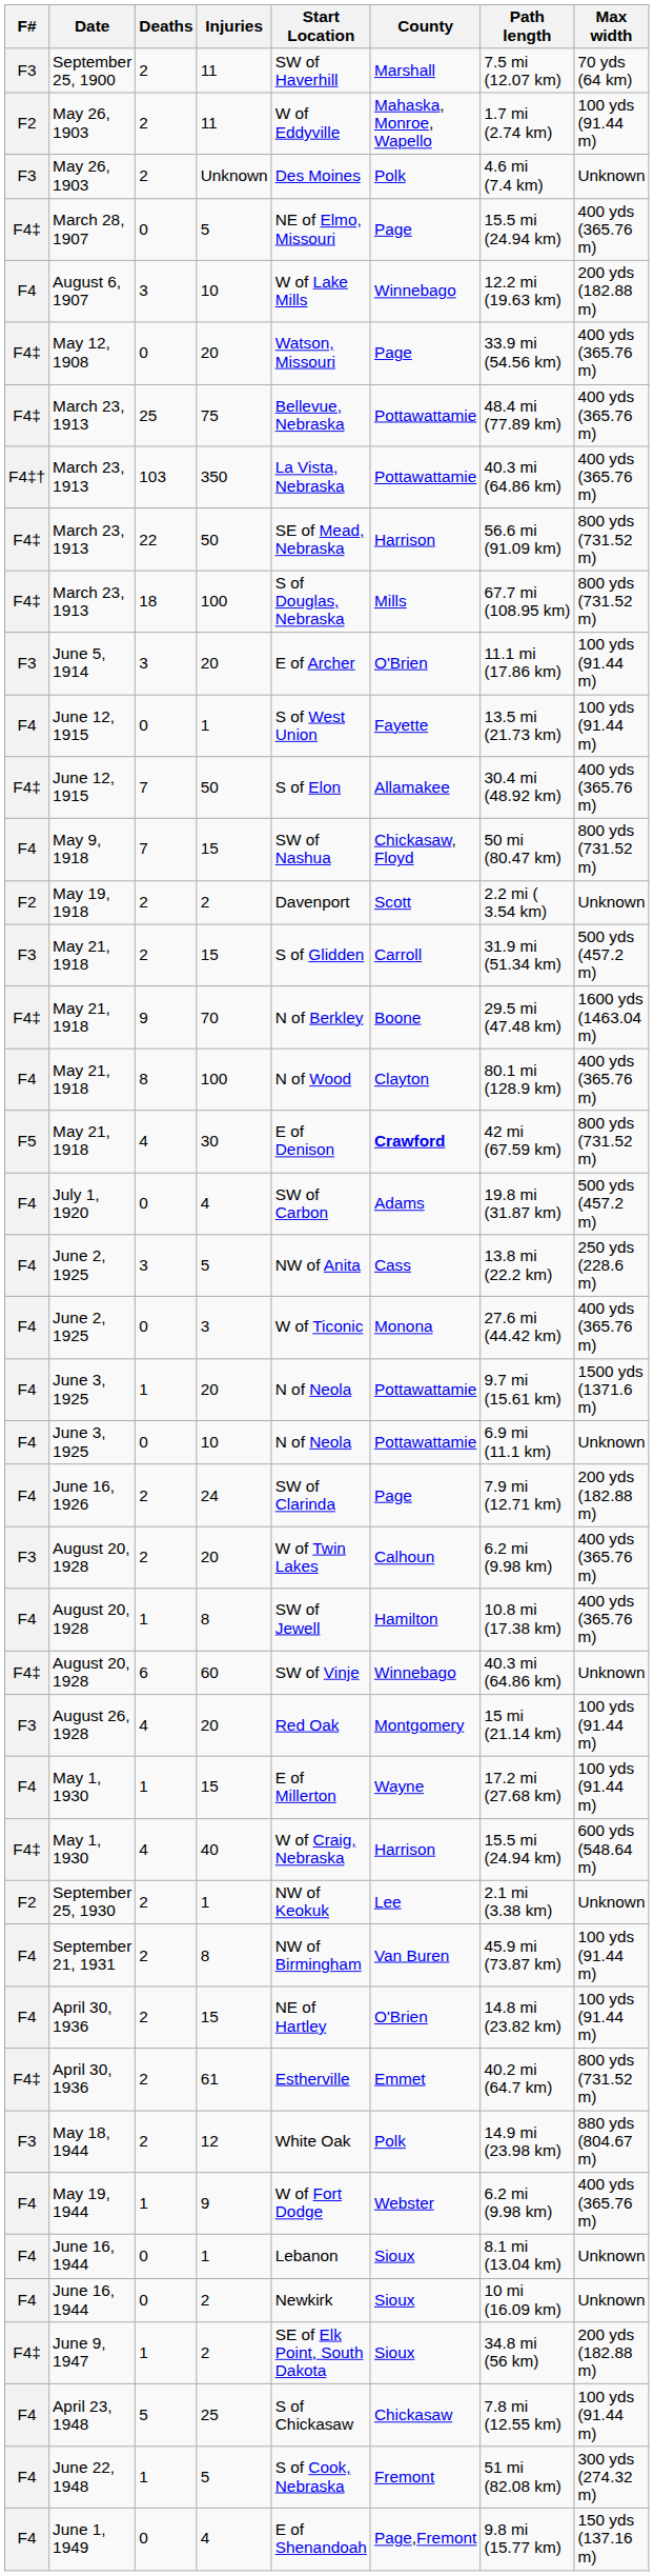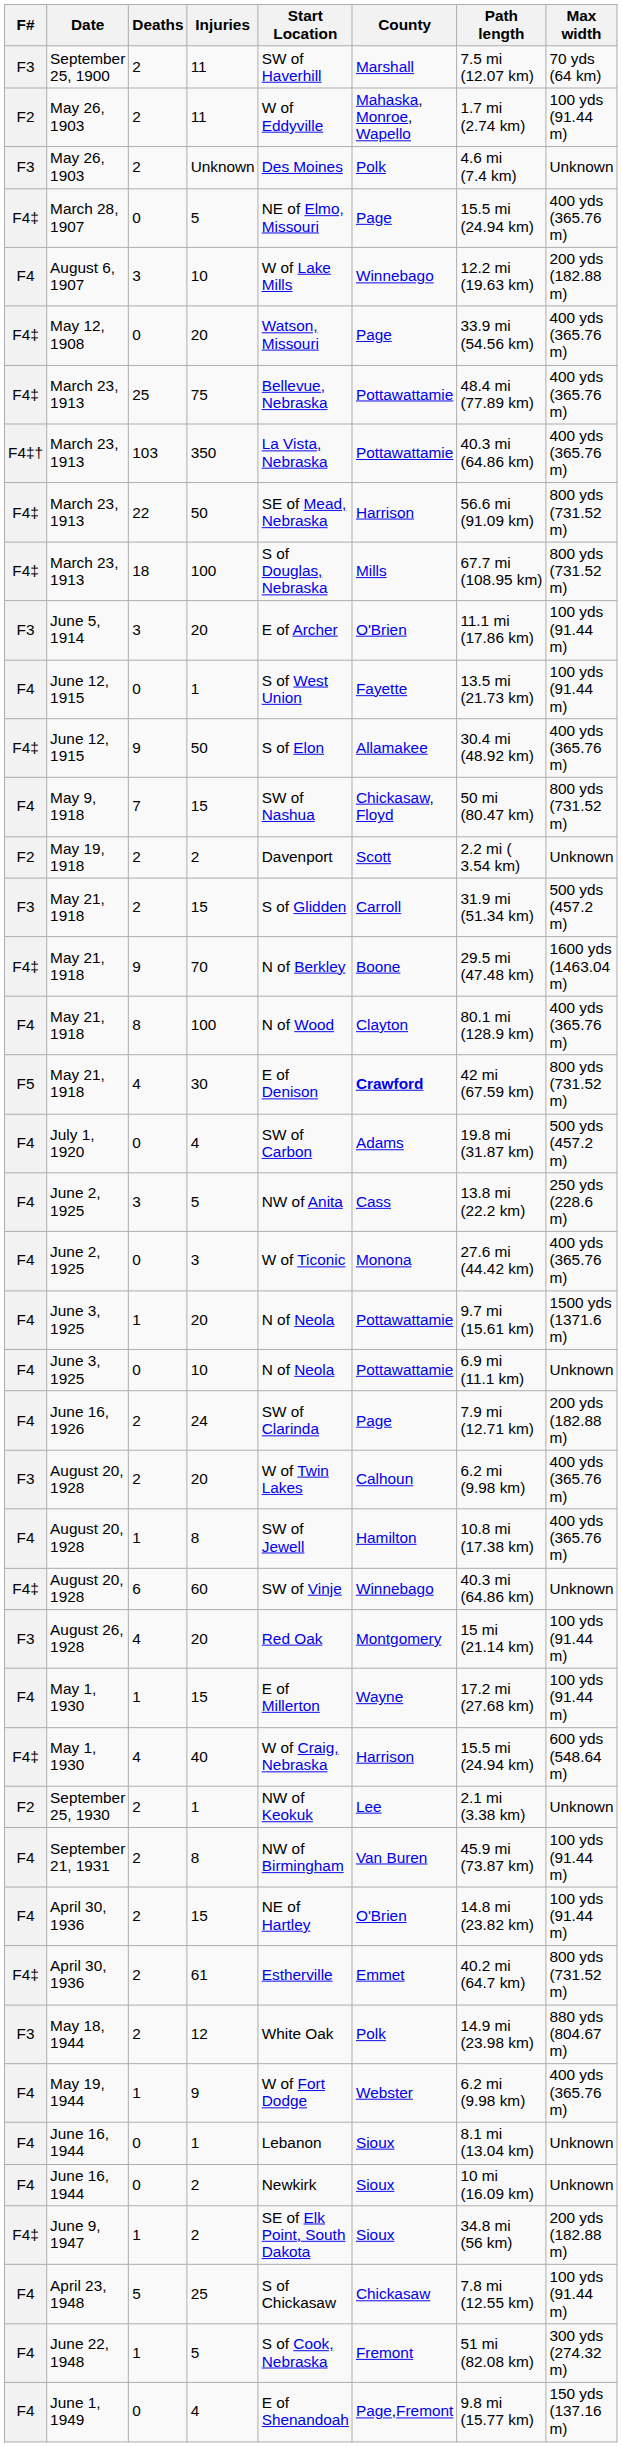 <table class="wikitable sortable">
 <tr>
 <th scope="col">F#</th>
 <th scope="col">Date</th>
 <th scope="col">Deaths</th>
 <th scope="col">Injuries</th>
 <th scope="col">Start Location</th>
 <th scope="col">County</th>
 <th scope="col">Path length</th>
 <th scope="col">Max width</th>
 </tr>
 <tr>
 <th scope="row" rowspan="1" style="font-weight:normal; background-color:#">F3</th>
 <td>September 25, 1900</td>
 <td>2</td>
 <td>11</td>
 <td>SW of <a href='#'>Haverhill</a></td>
 <td><a href='#'>Marshall</a></td>
 <td>7.5 mi (12.07 km)</td>
 <td>70 yds (64 km)</td>
 </tr>
 <tr>
 <th scope="row" rowspan="1" style="font-weight:normal; background-color:#">F2</th>
 <td>May 26, 1903</td>
 <td>2</td>
 <td>11</td>
 <td>W of <a href='#'>Eddyville</a></td>
 <td><a href='#'>Mahaska</a>, <a href='#'>Monroe</a>, <a href='#'>Wapello</a></td>
 <td>1.7 mi (2.74 km)</td>
 <td>100 yds (91.44 m)</td>
 </tr>
 <tr>
 <th scope="row" rowspan="1" style="font-weight:normal; background-color:#">F3</th>
 <td>May 26, 1903</td>
 <td>2</td>
 <td>Unknown</td>
 <td><a href='#'>Des Moines</a></td>
 <td><a href='#'>Polk</a></td>
 <td>4.6 mi (7.4 km)</td>
 <td>Unknown</td>
 </tr>
 <tr>
 <th scope="row" rowspan="1" style="font-weight:normal; background-color:#">F4‡</th>
 <td>March 28, 1907</td>
 <td>0</td>
 <td>5</td>
 <td>NE of <a href='#'>Elmo, Missouri</a></td>
 <td><a href='#'>Page</a></td>
 <td>15.5 mi (24.94 km)</td>
 <td>400 yds (365.76 m)</td>
 </tr>
 <tr>
 <th scope="row" rowspan="1" style="font-weight:normal; background-color:#">F4</th>
 <td>August 6, 1907</td>
 <td>3</td>
 <td>10</td>
 <td>W of <a href='#'>Lake Mills</a></td>
 <td><a href='#'>Winnebago</a></td>
 <td>12.2 mi (19.63 km)</td>
 <td>200 yds (182.88 m)</td>
 </tr>
 <tr>
 <th scope="row" rowspan="1" style="font-weight:normal; background-color:#">F4‡</th>
 <td>May 12, 1908</td>
 <td>0</td>
 <td>20</td>
 <td><a href='#'>Watson, Missouri</a></td>
 <td><a href='#'>Page</a></td>
 <td>33.9 mi (54.56 km)</td>
 <td>400 yds (365.76 m)</td>
 </tr>
 <tr>
 <th scope="row" rowspan="1" style="font-weight:normal; background-color:#">F4‡</th>
 <td>March 23, 1913</td>
 <td>25</td>
 <td>75</td>
 <td><a href='#'>Bellevue, Nebraska</a></td>
 <td><a href='#'>Pottawattamie</a></td>
 <td>48.4 mi (77.89 km)</td>
 <td>400 yds (365.76 m)</td>
 </tr>
 <tr>
 <th scope="row" rowspan="1" style="font-weight:normal; background-color:#">F4‡†</th>
 <td>March 23, 1913</td>
 <td>103</td>
 <td>350</td>
 <td><a href='#'>La Vista, Nebraska</a></td>
 <td><a href='#'>Pottawattamie</a></td>
 <td>40.3 mi (64.86 km)</td>
 <td>400 yds (365.76 m)</td>
 </tr>
 <tr>
 <th scope="row" rowspan="1" style="font-weight:normal; background-color:#">F4‡</th>
 <td>March 23, 1913</td>
 <td>22</td>
 <td>50</td>
 <td>SE of <a href='#'>Mead, Nebraska</a></td>
 <td><a href='#'>Harrison</a></td>
 <td>56.6 mi (91.09 km)</td>
 <td>800 yds (731.52 m)</td>
 </tr>
 <tr>
 <th scope="row" rowspan="1" style="font-weight:normal; background-color:#">F4‡</th>
 <td>March 23, 1913</td>
 <td>18</td>
 <td>100</td>
 <td>S of <a href='#'>Douglas, Nebraska</a></td>
 <td><a href='#'>Mills</a></td>
 <td>67.7 mi (108.95 km)</td>
 <td>800 yds (731.52 m)</td>
 </tr>
 <tr>
 <th scope="row" rowspan="1" style="font-weight:normal; background-color:#">F3</th>
 <td>June 5, 1914</td>
 <td>3</td>
 <td>20</td>
 <td>E of <a href='#'>Archer</a></td>
 <td><a href='#'> O'Brien</a></td>
 <td>11.1 mi (17.86 km)</td>
 <td>100 yds (91.44 m)</td>
 </tr>
 <tr>
 <th scope="row" rowspan="1" style="font-weight:normal; background-color:#">F4</th>
 <td>June 12, 1915</td>
 <td>0</td>
 <td>1</td>
 <td>S of <a href='#'>West Union</a></td>
 <td><a href='#'>Fayette</a></td>
 <td>13.5 mi (21.73 km)</td>
 <td>100 yds (91.44 m)</td>
 </tr>
 <tr>
 <th scope="row" rowspan="1" style="font-weight:normal; background-color:#">F4‡</th>
 <td>June 12, 1915</td>
-<td>7</td>
+<td>9</td>
 <td>50</td>
 <td>S of <a href='#'>Elon</a></td>
 <td><a href='#'>Allamakee</a></td>
 <td>30.4 mi (48.92 km)</td>
 <td>400 yds (365.76 m)</td>
 </tr>
 <tr>
 <th scope="row" rowspan="1" style="font-weight:normal; background-color:#">F4</th>
 <td>May 9, 1918</td>
 <td>7</td>
 <td>15</td>
 <td>SW of <a href='#'>Nashua</a></td>
 <td><a href='#'>Chickasaw</a>, <a href='#'>Floyd</a></td>
 <td>50 mi (80.47 km)</td>
 <td>800 yds (731.52 m)</td>
 </tr>
 <tr>
 <th scope="row" rowspan="1" style="font-weight:normal; background-color:#">F2</th>
 <td>May 19, 1918</td>
 <td>2</td>
 <td>2</td>
 <td>Davenport</td>
 <td><a href='#'>Scott</a></td>
 <td>2.2 mi ( 3.54 km)</td>
 <td>Unknown</td>
 </tr>
 <tr>
 <th scope="row" rowspan="1" style="font-weight:normal; background-color:#">F3</th>
 <td>May 21, 1918</td>
 <td>2</td>
 <td>15</td>
 <td>S of <a href='#'>Glidden</a></td>
 <td><a href='#'>Carroll</a></td>
 <td>31.9 mi (51.34 km)</td>
 <td>500 yds (457.2 m)</td>
 </tr>
 <tr>
 <th scope="row" rowspan="1" style="font-weight:normal; background-color:#">F4‡</th>
 <td>May 21, 1918</td>
 <td>9</td>
 <td>70</td>
 <td>N of <a href='#'>Berkley</a></td>
 <td><a href='#'>Boone</a></td>
 <td>29.5 mi (47.48 km)</td>
 <td>1600 yds (1463.04 m)</td>
 </tr>
 <tr>
 <th scope="row" rowspan="1" style="font-weight:normal; background-color:#">F4</th>
 <td>May 21, 1918</td>
 <td>8</td>
 <td>100</td>
 <td>N of <a href='#'>Wood</a></td>
 <td><a href='#'>Clayton</a></td>
 <td>80.1 mi (128.9 km)</td>
 <td>400 yds (365.76 m)</td>
 </tr>
 <tr>
 <th scope="row" rowspan="1" style="font-weight:normal; background-color:#">F5</th>
 <td>May 21, 1918</td>
 <td>4</td>
 <td>30</td>
 <td>E of <a href='#'>Denison</a></td>
 <td><strong><a href='#'>Crawford</a></strong></td>
 <td>42 mi (67.59 km)</td>
 <td>800 yds (731.52 m)</td>
 </tr>
 <tr>
 <th scope="row" rowspan="1" style="font-weight:normal; background-color:#">F4</th>
 <td>July 1, 1920</td>
 <td>0</td>
 <td>4</td>
 <td>SW of <a href='#'>Carbon</a></td>
 <td><a href='#'>Adams</a></td>
 <td>19.8 mi (31.87 km)</td>
 <td>500 yds (457.2 m)</td>
 </tr>
 <tr>
 <th scope="row" rowspan="1" style="font-weight:normal; background-color:#">F4</th>
 <td>June 2, 1925</td>
 <td>3</td>
 <td>5</td>
 <td>NW of <a href='#'>Anita</a></td>
 <td><a href='#'>Cass</a></td>
 <td>13.8 mi (22.2 km)</td>
 <td>250 yds (228.6 m)</td>
 </tr>
 <tr>
 <th scope="row" rowspan="1" style="font-weight:normal; background-color:#">F4</th>
 <td>June 2, 1925</td>
 <td>0</td>
 <td>3</td>
 <td>W of <a href='#'>Ticonic</a></td>
 <td><a href='#'>Monona</a></td>
 <td>27.6 mi (44.42 km)</td>
 <td>400 yds (365.76 m)</td>
 </tr>
 <tr>
 <th scope="row" rowspan="1" style="font-weight:normal; background-color:#">F4</th>
 <td>June 3, 1925</td>
 <td>1</td>
 <td>20</td>
 <td>N of <a href='#'>Neola</a></td>
 <td><a href='#'>Pottawattamie</a></td>
 <td>9.7 mi (15.61 km)</td>
 <td>1500 yds (1371.6 m)</td>
 </tr>
 <tr>
 <th scope="row" rowspan="1" style="font-weight:normal; background-color:#">F4</th>
 <td>June 3, 1925</td>
 <td>0</td>
 <td>10</td>
 <td>N of <a href='#'>Neola</a></td>
 <td><a href='#'>Pottawattamie</a></td>
 <td>6.9 mi (11.1 km)</td>
 <td>Unknown</td>
 </tr>
 <tr>
 <th scope="row" rowspan="1" style="font-weight:normal; background-color:#">F4</th>
 <td>June 16, 1926</td>
 <td>2</td>
 <td>24</td>
 <td>SW of <a href='#'>Clarinda</a></td>
 <td><a href='#'>Page</a></td>
 <td>7.9 mi (12.71 km)</td>
 <td>200 yds (182.88 m)</td>
 </tr>
 <tr>
 <th scope="row" rowspan="1" style="font-weight:normal; background-color:#">F3</th>
 <td>August 20, 1928</td>
 <td>2</td>
 <td>20</td>
 <td>W of <a href='#'>Twin Lakes</a></td>
 <td><a href='#'>Calhoun</a></td>
 <td>6.2 mi (9.98 km)</td>
 <td>400 yds (365.76 m)</td>
 </tr>
 <tr>
 <th scope="row" rowspan="1" style="font-weight:normal; background-color:#">F4</th>
 <td>August 20, 1928</td>
 <td>1</td>
 <td>8</td>
 <td>SW of <a href='#'>Jewell</a></td>
 <td><a href='#'>Hamilton</a></td>
 <td>10.8 mi (17.38 km)</td>
 <td>400 yds (365.76 m)</td>
 </tr>
 <tr>
 <th scope="row" rowspan="1" style="font-weight:normal; background-color:#">F4‡</th>
 <td>August 20, 1928</td>
 <td>6</td>
 <td>60</td>
 <td>SW of <a href='#'>Vinje</a></td>
 <td><a href='#'>Winnebago</a></td>
 <td>40.3 mi (64.86 km)</td>
 <td>Unknown</td>
 </tr>
 <tr>
 <th scope="row" rowspan="1" style="font-weight:normal; background-color:#">F3</th>
 <td>August 26, 1928</td>
 <td>4</td>
 <td>20</td>
 <td><a href='#'>Red Oak</a></td>
 <td><a href='#'>Montgomery</a></td>
 <td>15 mi (21.14 km)</td>
 <td>100 yds (91.44 m)</td>
 </tr>
 <tr>
 <th scope="row" rowspan="1" style="font-weight:normal; background-color:#">F4</th>
 <td>May 1, 1930</td>
 <td>1</td>
 <td>15</td>
 <td>E of <a href='#'>Millerton</a></td>
 <td><a href='#'>Wayne</a></td>
 <td>17.2 mi (27.68 km)</td>
 <td>100 yds (91.44 m)</td>
 </tr>
 <tr>
 <th scope="row" rowspan="1" style="font-weight:normal; background-color:#">F4‡</th>
 <td>May 1, 1930</td>
 <td>4</td>
 <td>40</td>
 <td>W of <a href='#'>Craig, Nebraska</a></td>
 <td><a href='#'>Harrison</a></td>
 <td>15.5 mi (24.94 km)</td>
 <td>600 yds (548.64 m)</td>
 </tr>
 <tr>
 <th scope="row" rowspan="1" style="font-weight:normal; background-color:#">F2</th>
 <td>September 25, 1930</td>
 <td>2</td>
 <td>1</td>
 <td>NW of <a href='#'>Keokuk</a></td>
 <td><a href='#'>Lee</a></td>
 <td>2.1 mi (3.38 km)</td>
 <td>Unknown</td>
 </tr>
 <tr>
 <th scope="row" rowspan="1" style="font-weight:normal; background-color:#">F4</th>
 <td>September 21, 1931</td>
 <td>2</td>
 <td>8</td>
 <td>NW of <a href='#'>Birmingham</a></td>
 <td><a href='#'>Van Buren</a></td>
 <td>45.9 mi (73.87 km)</td>
 <td>100 yds (91.44 m)</td>
 </tr>
 <tr>
 <th scope="row" rowspan="1" style="font-weight:normal; background-color:#">F4</th>
 <td>April 30, 1936</td>
 <td>2</td>
 <td>15</td>
 <td>NE of <a href='#'>Hartley</a></td>
 <td><a href='#'>O'Brien</a></td>
 <td>14.8 mi (23.82 km)</td>
 <td>100 yds (91.44 m)</td>
 </tr>
 <tr>
 <th scope="row" rowspan="1" style="font-weight:normal; background-color:#">F4‡</th>
 <td>April 30, 1936</td>
 <td>2</td>
 <td>61</td>
 <td><a href='#'>Estherville</a></td>
 <td><a href='#'>Emmet</a></td>
 <td>40.2 mi (64.7 km)</td>
 <td>800 yds (731.52 m)</td>
 </tr>
 <tr>
 <th scope="row" rowspan="1" style="font-weight:normal; background-color:#">F3</th>
 <td>May 18, 1944</td>
 <td>2</td>
 <td>12</td>
 <td>White Oak</td>
 <td><a href='#'>Polk</a></td>
 <td>14.9 mi (23.98 km)</td>
 <td>880 yds (804.67 m)</td>
 </tr>
 <tr>
 <th scope="row" rowspan="1" style="font-weight:normal; background-color:#">F4</th>
 <td>May 19, 1944</td>
 <td>1</td>
 <td>9</td>
 <td>W of <a href='#'>Fort Dodge</a></td>
 <td><a href='#'>Webster</a></td>
 <td>6.2 mi (9.98 km)</td>
 <td>400 yds (365.76 m)</td>
 </tr>
 <tr>
 <th scope="row" rowspan="1" style="font-weight:normal; background-color:#">F4</th>
 <td>June 16, 1944</td>
 <td>0</td>
 <td>1</td>
 <td>Lebanon</td>
 <td><a href='#'>Sioux</a></td>
 <td>8.1 mi (13.04 km)</td>
 <td>Unknown</td>
 </tr>
 <tr>
 <th scope="row" rowspan="1" style="font-weight:normal; background-color:#">F4</th>
 <td>June 16, 1944</td>
 <td>0</td>
 <td>2</td>
 <td>Newkirk</td>
 <td><a href='#'>Sioux</a></td>
 <td>10 mi (16.09 km)</td>
 <td>Unknown</td>
 </tr>
 <tr>
 <th scope="row" rowspan="1" style="font-weight:normal; background-color:#">F4‡</th>
 <td>June 9, 1947</td>
 <td>1</td>
 <td>2</td>
 <td>SE of <a href='#'>Elk Point, South Dakota</a></td>
 <td><a href='#'>Sioux</a></td>
 <td>34.8 mi (56 km)</td>
 <td>200 yds (182.88 m)</td>
 </tr>
 <tr>
 <th scope="row" rowspan="1" style="font-weight:normal; background-color:#">F4</th>
 <td>April 23, 1948</td>
 <td>5</td>
 <td>25</td>
 <td>S of Chickasaw</td>
 <td><a href='#'>Chickasaw</a></td>
 <td>7.8 mi (12.55 km)</td>
 <td>100 yds (91.44 m)</td>
 </tr>
 <tr>
 <th scope="row" rowspan="1" style="font-weight:normal; background-color:#">F4</th>
 <td>June 22, 1948</td>
 <td>1</td>
 <td>5</td>
 <td>S of <a href='#'>Cook, Nebraska</a></td>
 <td><a href='#'>Fremont</a></td>
 <td>51 mi (82.08 km)</td>
 <td>300 yds (274.32 m)</td>
 </tr>
 <tr>
 <th scope="row" rowspan="1" style="font-weight:normal; background-color:#">F4</th>
 <td>June 1, 1949</td>
 <td>0</td>
 <td>4</td>
 <td>E of <a href='#'>Shenandoah</a></td>
 <td><a href='#'>Page</a>,<a href='#'>Fremont</a></td>
 <td>9.8 mi (15.77 km)</td>
 <td>150 yds (137.16 m)</td>
 </tr>
 </table>
